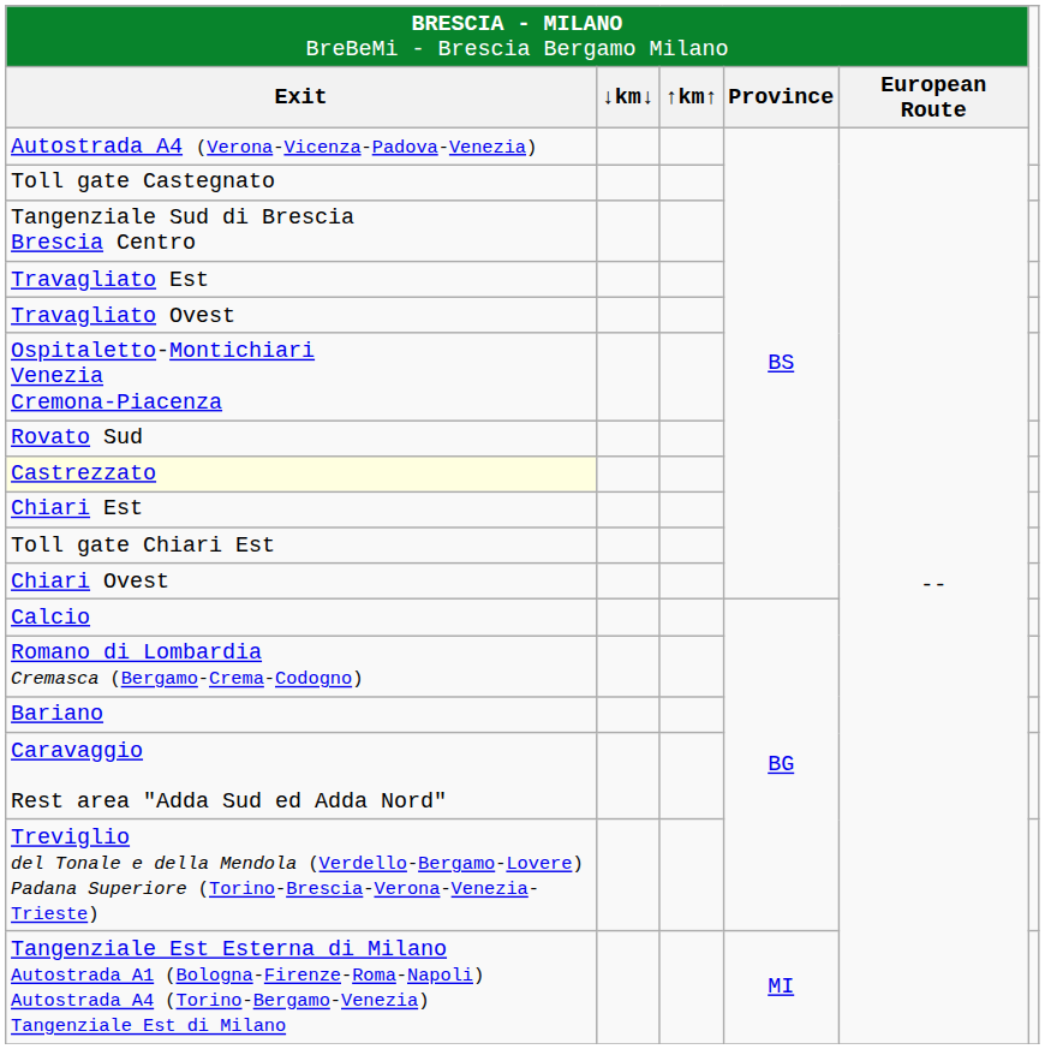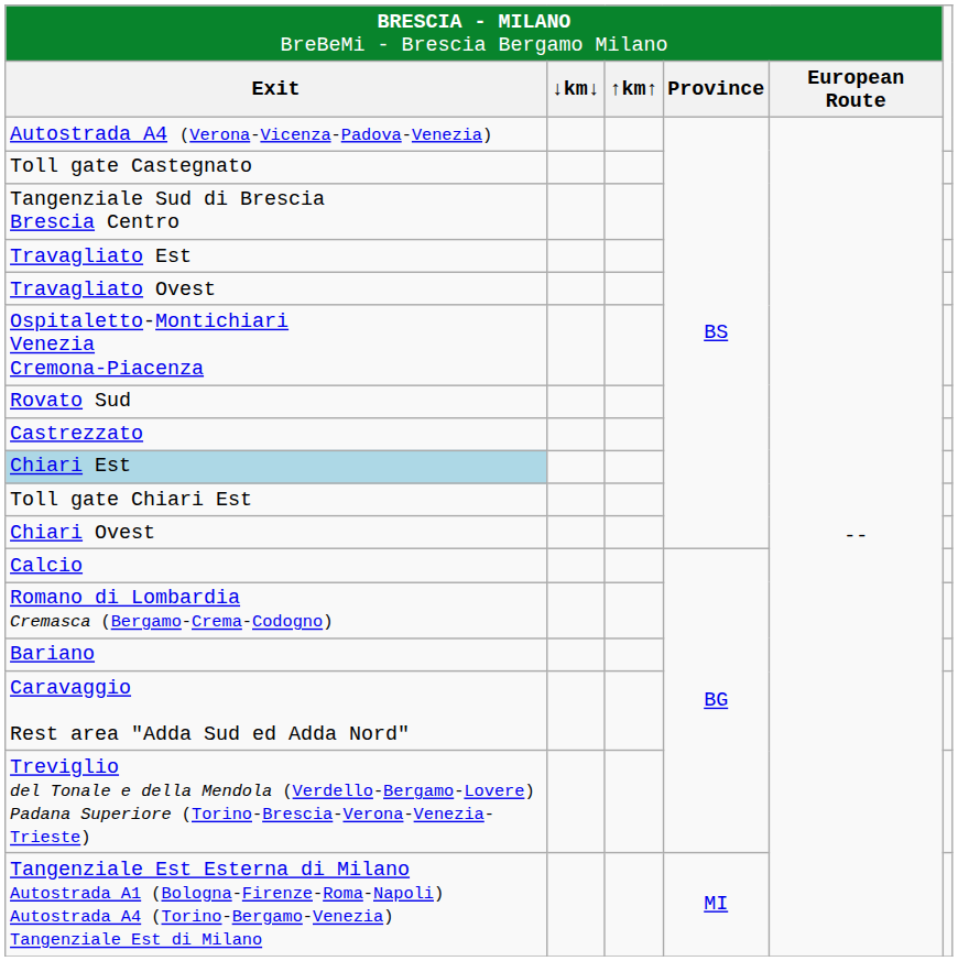 <table class="wikitable">
 <tr align="center" bgcolor="08842C" style="color: white;">
 <td colspan="5"><strong> BRESCIA - MILANO</strong><br>BreBeMi - Brescia Bergamo Milano</td>
 </tr>
 <tr>
 <th style="text-align:center;"><strong>Exit</strong></th>
 <th style="text-align:center;"><strong>↓km↓</strong></th>
 <th style="text-align:center;"><strong>↑km↑</strong></th>
 <th align="center"><strong>Province</strong></th>
 <th align="center"><strong>European Route</strong></th>
 </tr>
 <tr>
 <td>   <a href='#'>Autostrada A4</a> <small>(<a href='#'>Verona</a>-<a href='#'>Vicenza</a>-<a href='#'>Padova</a>-<a href='#'>Venezia</a>)</small></td>
 <td align="right"></td>
 <td align="right"></td>
 <td rowspan="11" align="center"><a href='#'>BS</a></td>
 <td rowspan="17" align="center">--</td>
 </tr>
 <tr>
 <td> Toll gate Castegnato</td>
 <td align="right"></td>
 <td align="right"></td>
 <td></td>
 </tr>
 <tr>
 <td>  Tangenziale Sud di Brescia<br> <a href='#'>Brescia</a> Centro</td>
 <td align="right"></td>
 <td align="right"></td>
 <td></td>
 </tr>
 <tr>
 <td> <a href='#'>Travagliato</a> Est</td>
 <td align="right"></td>
 <td align="right"></td>
 <td></td>
 </tr>
 <tr>
 <td> <a href='#'>Travagliato</a> Ovest</td>
 <td align="right"></td>
 <td align="right"></td>
 <td></td>
 </tr>
 <tr>
 <td>  <a href='#'>Ospitaletto</a>-<a href='#'>Montichiari</a><br>  <a href='#'>Venezia</a><br> <a href='#'>Cremona-Piacenza</a></td>
 <td align="right"></td>
 <td align="right"></td>
 <td></td>
 </tr>
 <tr>
 <td> <a href='#'>Rovato</a> Sud</td>
 <td align="right"></td>
 <td align="right"></td>
 <td></td>
 </tr>
 <tr>
-<td style="background: lightyellow;"> <a href='#'>Castrezzato</a></td>
+<td> <a href='#'>Castrezzato</a></td>
 <td align="right"></td>
 <td align="right"></td>
 <td></td>
 </tr>
 <tr>
-<td> <a href='#'>Chiari</a> Est</td>
+<td style="background: lightblue;"> <a href='#'>Chiari</a> Est</td>
 <td align="right"></td>
 <td align="right"></td>
 <td></td>
 </tr>
 <tr>
 <td> Toll gate Chiari Est</td>
 <td align="right"></td>
 <td align="right"></td>
 <td></td>
 </tr>
 <tr>
 <td> <a href='#'>Chiari</a> Ovest</td>
 <td align="right"></td>
 <td align="right"></td>
 <td></td>
 </tr>
 <tr>
 <td> <a href='#'>Calcio</a></td>
 <td align="right"></td>
 <td align="right"></td>
 <td rowspan="5" align="center"><a href='#'>BG</a></td>
 </tr>
 <tr>
 <td> <a href='#'>Romano di Lombardia</a><br><small> <em>Cremasca</em> (<a href='#'>Bergamo</a>-<a href='#'>Crema</a>-<a href='#'>Codogno</a>)</small></td>
 <td align="right"></td>
 <td align="right"></td>
 <td></td>
 </tr>
 <tr>
 <td> <a href='#'>Bariano</a></td>
 <td align="right"></td>
 <td align="right"></td>
 <td></td>
 </tr>
 <tr>
 <td> <a href='#'>Caravaggio</a><br><small> </small><br> Rest area "Adda Sud ed Adda Nord"</td>
 <td align="right"></td>
 <td align="right"></td>
 <td></td>
 </tr>
 <tr>
 <td> <a href='#'>Treviglio</a><br><small> <em>del Tonale e della Mendola</em> (<a href='#'>Verdello</a>-<a href='#'>Bergamo</a>-<a href='#'>Lovere</a>)<br> <em>Padana Superiore</em> (<a href='#'>Torino</a>-<a href='#'>Brescia</a>-<a href='#'>Verona</a>-<a href='#'>Venezia</a>-<a href='#'>Trieste</a>)</small></td>
 <td align="right"></td>
 <td align="right"></td>
 <td></td>
 </tr>
 <tr>
 <td>  <a href='#'>Tangenziale Est Esterna di Milano</a><br><small> <a href='#'>Autostrada A1</a> (<a href='#'>Bologna</a>-<a href='#'>Firenze</a>-<a href='#'>Roma</a>-<a href='#'>Napoli</a>)</small><br><small> <a href='#'>Autostrada A4</a> (<a href='#'>Torino</a>-<a href='#'>Bergamo</a>-<a href='#'>Venezia</a>)</small><br><small> <a href='#'>Tangenziale Est di Milano</a></small></td>
 <td align="right"></td>
 <td align="right"></td>
 <td align="center"><a href='#'>MI</a></td>
 </tr>
 </table>
